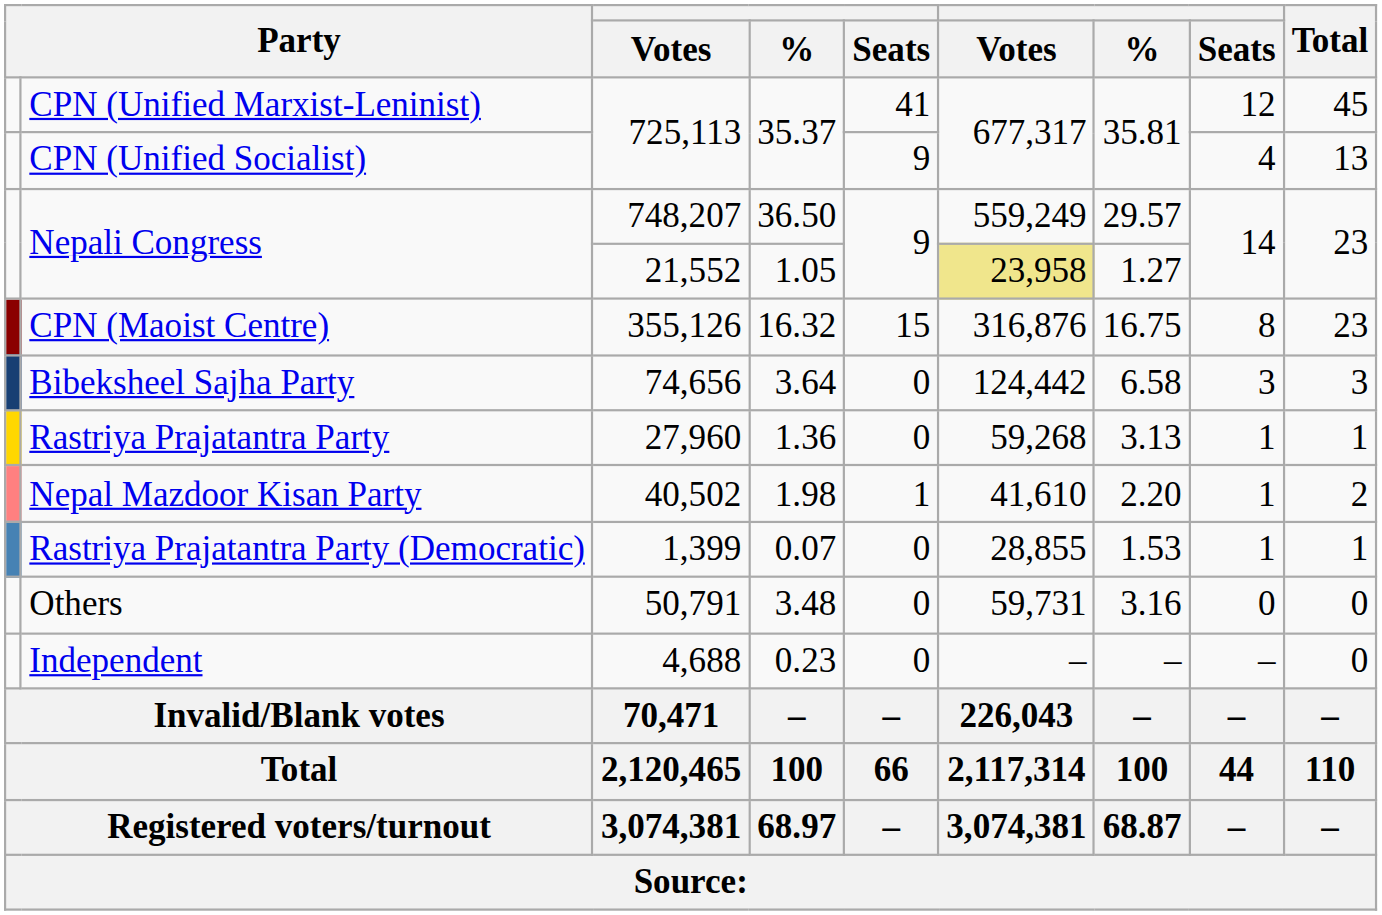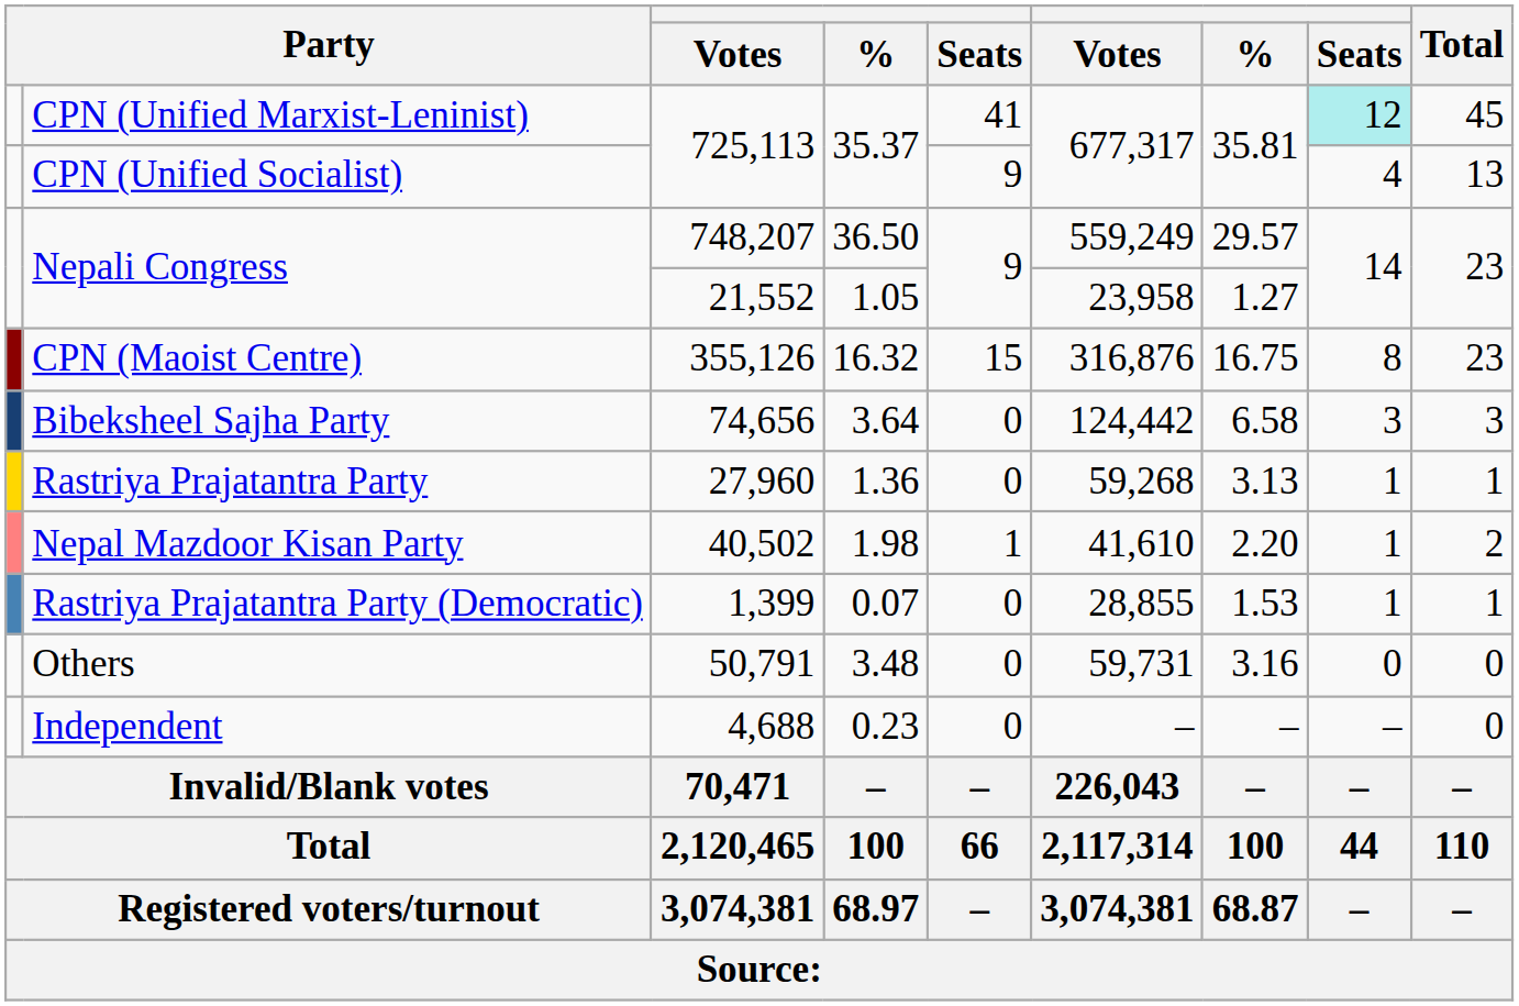 <table class="wikitable" style="text-align:right">
 <tr>
 <th colspan="2" rowspan="2">Party</th>
 <th colspan="3"></th>
 <th colspan="3"></th>
 <th rowspan="2">Total</th>
 </tr>
 <tr>
 <th>Votes</th>
 <th>%</th>
 <th>Seats</th>
 <th>Votes</th>
 <th>%</th>
 <th>Seats</th>
 </tr>
 <tr>
 <td></td>
 <td align="left"><a href='#'>CPN (Unified Marxist-Leninist)</a></td>
 <td rowspan="2">725,113</td>
 <td rowspan="2">35.37</td>
 <td>41</td>
 <td rowspan="2">677,317</td>
 <td rowspan="2">35.81</td>
-<td>12</td>
+<td style="background: paleturquoise;">12</td>
 <td>45</td>
 </tr>
 <tr>
 <td></td>
 <td align="left"><a href='#'>CPN (Unified Socialist)</a></td>
 <td>9</td>
 <td>4</td>
 <td>13</td>
 </tr>
 <tr>
 <td rowspan="2"></td>
 <td rowspan="2" align="left"><a href='#'>Nepali Congress</a></td>
 <td>748,207</td>
 <td>36.50</td>
 <td rowspan="2">9</td>
 <td>559,249</td>
 <td>29.57</td>
 <td rowspan="2">14</td>
 <td rowspan="2">23</td>
 </tr>
 <tr>
 <td>21,552</td>
 <td>1.05</td>
-<td style="background: khaki;">23,958</td>
+<td>23,958</td>
 <td>1.27</td>
 </tr>
 <tr>
 <td bgcolor="8B0000"></td>
 <td align="left"><a href='#'>CPN (Maoist Centre)</a></td>
 <td>355,126</td>
 <td>16.32</td>
 <td>15</td>
 <td>316,876</td>
 <td>16.75</td>
 <td>8</td>
 <td>23</td>
 </tr>
 <tr>
 <td bgcolor="183F73"></td>
 <td align="left"><a href='#'>Bibeksheel Sajha Party</a></td>
 <td>74,656</td>
 <td>3.64</td>
 <td>0</td>
 <td>124,442</td>
 <td>6.58</td>
 <td>3</td>
 <td>3</td>
 </tr>
 <tr>
 <td bgcolor=#FFD700></td>
 <td align="left"><a href='#'>Rastriya Prajatantra Party</a></td>
 <td>27,960</td>
 <td>1.36</td>
 <td>0</td>
 <td>59,268</td>
 <td>3.13</td>
 <td>1</td>
 <td>1</td>
 </tr>
 <tr>
 <td bgcolor=#FF8080></td>
 <td align="left"><a href='#'>Nepal Mazdoor Kisan Party</a></td>
 <td>40,502</td>
 <td>1.98</td>
 <td>1</td>
 <td>41,610</td>
 <td>2.20</td>
 <td>1</td>
 <td>2</td>
 </tr>
 <tr>
 <td bgcolor=#4682B4></td>
 <td align="left"><a href='#'>Rastriya Prajatantra Party (Democratic)</a></td>
 <td>1,399</td>
 <td>0.07</td>
 <td>0</td>
 <td>28,855</td>
 <td>1.53</td>
 <td>1</td>
 <td>1</td>
 </tr>
 <tr>
 <td></td>
 <td align="left">Others</td>
 <td>50,791</td>
 <td>3.48</td>
 <td>0</td>
 <td>59,731</td>
 <td>3.16</td>
 <td>0</td>
 <td>0</td>
 </tr>
 <tr>
 <td></td>
 <td align="left"><a href='#'>Independent</a></td>
 <td>4,688</td>
 <td>0.23</td>
 <td>0</td>
 <td>–</td>
 <td>–</td>
 <td>–</td>
 <td>0</td>
 </tr>
 <tr>
 <th colspan="2">Invalid/Blank votes</th>
 <th>70,471</th>
 <th>–</th>
 <th>–</th>
 <th>226,043</th>
 <th>–</th>
 <th>–</th>
 <th>–</th>
 </tr>
 <tr>
 <th colspan="2">Total</th>
 <th>2,120,465</th>
 <th>100</th>
 <th>66</th>
 <th>2,117,314</th>
 <th>100</th>
 <th>44</th>
 <th>110</th>
 </tr>
 <tr>
 <th colspan="2">Registered voters/turnout</th>
 <th>3,074,381</th>
 <th>68.97</th>
 <th>–</th>
 <th>3,074,381</th>
 <th>68.87</th>
 <th>–</th>
 <th>–</th>
 </tr>
 <tr>
 <th colspan="9">Source: </th>
 </tr>
 </table>
